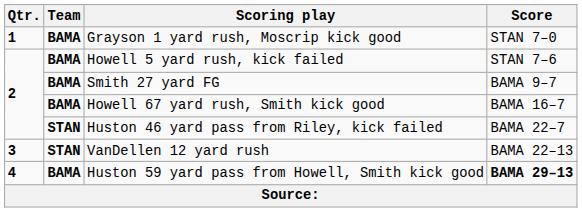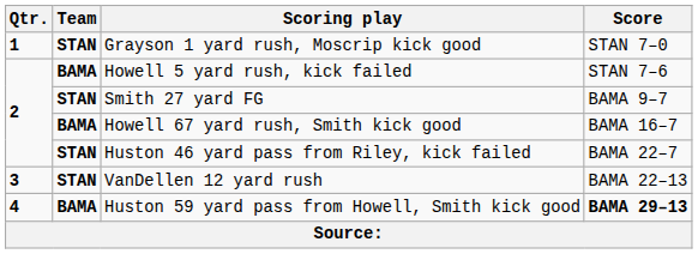 <table class="wikitable">
 <tr>
 <th>Qtr.</th>
 <th>Team</th>
 <th>Scoring play</th>
 <th>Score</th>
 </tr>
 <tr>
 <td><strong>1</strong></td>
-<td><strong>BAMA</strong></td>
+<td><strong>STAN</strong></td>
 <td>Grayson 1 yard rush, Moscrip kick good</td>
 <td>STAN 7–0</td>
 </tr>
 <tr>
 <td rowspan=4><strong>2</strong></td>
 <td><strong>BAMA</strong></td>
 <td>Howell 5 yard rush, kick failed</td>
 <td>STAN 7–6</td>
 </tr>
 <tr>
-<td><strong>BAMA</strong></td>
+<td><strong>STAN</strong></td>
 <td>Smith 27 yard FG</td>
 <td>BAMA 9–7</td>
 </tr>
 <tr>
 <td><strong>BAMA</strong></td>
 <td>Howell 67 yard rush, Smith kick good</td>
 <td>BAMA 16–7</td>
 </tr>
 <tr>
 <td><strong>STAN</strong></td>
 <td>Huston 46 yard pass from Riley, kick failed</td>
 <td>BAMA 22–7</td>
 </tr>
 <tr>
 <td><strong>3</strong></td>
 <td><strong>STAN</strong></td>
 <td>VanDellen 12 yard rush</td>
 <td>BAMA 22–13</td>
 </tr>
 <tr>
 <td><strong>4</strong></td>
 <td><strong>BAMA</strong></td>
 <td>Huston 59 yard pass from Howell, Smith kick good</td>
 <td><strong>BAMA 29–13</strong></td>
 </tr>
 <tr>
 <th colspan=4>Source:</th>
 </tr>
 </table>
